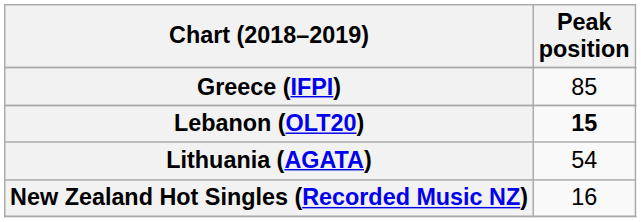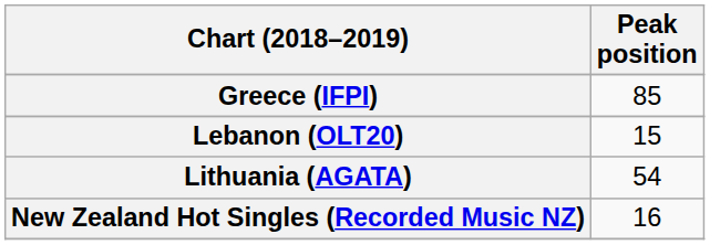 <table class="wikitable sortable plainrowheaders" style="text-align:center">
 <tr>
 <th scope="col">Chart (2018–2019)</th>
 <th scope="col">Peak<br> position</th>
 </tr>
 <tr>
 </tr>
 <tr>
 </tr>
 <tr>
 </tr>
 <tr>
 </tr>
 <tr>
 </tr>
 <tr>
 </tr>
 <tr>
 <th scope="row">Greece (<a href='#'>IFPI</a>)</th>
 <td>85</td>
 </tr>
 <tr>
 </tr>
 <tr>
 <th scope="row">Lebanon (<a href='#'>OLT20</a>)</th>
-<td><strong>15</strong></td>
+<td>15</td>
 </tr>
 <tr>
 <th scope="row">Lithuania (<a href='#'>AGATA</a>)</th>
 <td>54</td>
 </tr>
 <tr>
 <th scope="row">New Zealand Hot Singles (<a href='#'>Recorded Music NZ</a>)</th>
 <td>16</td>
 </tr>
 <tr>
 </tr>
 <tr>
 </tr>
 <tr>
 </tr>
 <tr>
 </tr>
 </table>
